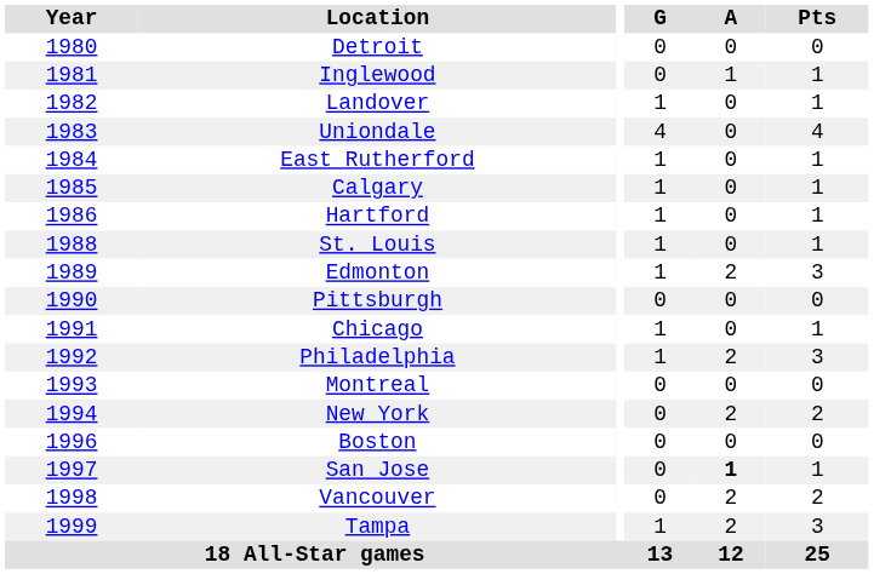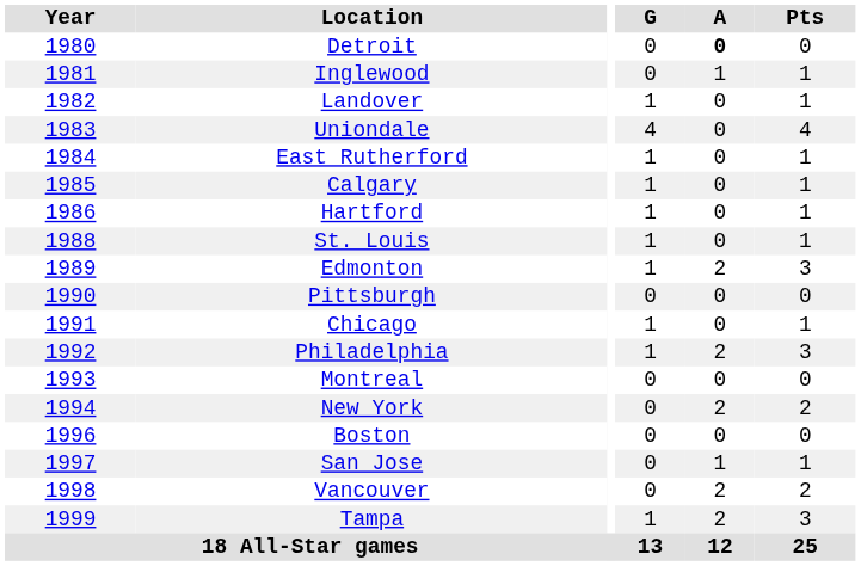 <table border="0" cellpadding="1" cellspacing="0" ID="Table3" style="text-align:center; width:40em">
 <tr bgcolor="#e0e0e0">
 <th>Year</th>
 <th>Location</th>
 <th rowspan="102" bgcolor="#ffffff"></th>
 <th>G</th>
 <th>A</th>
 <th>Pts</th>
 </tr>
 <tr>
 <td><a href='#'>1980</a></td>
 <td><a href='#'>Detroit</a></td>
 <td>0</td>
-<td>0</td>
+<td><strong>0</strong></td>
 <td>0</td>
 </tr>
 <tr bgcolor="#f0f0f0">
 <td><a href='#'>1981</a></td>
 <td><a href='#'>Inglewood</a></td>
 <td>0</td>
 <td>1</td>
 <td>1</td>
 </tr>
 <tr>
 <td><a href='#'>1982</a></td>
 <td><a href='#'>Landover</a></td>
 <td>1</td>
 <td>0</td>
 <td>1</td>
 </tr>
 <tr bgcolor="#f0f0f0">
 <td><a href='#'>1983</a></td>
 <td><a href='#'>Uniondale</a></td>
 <td>4</td>
 <td>0</td>
 <td>4</td>
 </tr>
 <tr>
 <td><a href='#'>1984</a></td>
 <td><a href='#'>East Rutherford</a></td>
 <td>1</td>
 <td>0</td>
 <td>1</td>
 </tr>
 <tr bgcolor="#f0f0f0">
 <td><a href='#'>1985</a></td>
 <td><a href='#'>Calgary</a></td>
 <td>1</td>
 <td>0</td>
 <td>1</td>
 </tr>
 <tr>
 <td><a href='#'>1986</a></td>
 <td><a href='#'>Hartford</a></td>
 <td>1</td>
 <td>0</td>
 <td>1</td>
 </tr>
 <tr bgcolor="#f0f0f0">
 <td><a href='#'>1988</a></td>
 <td><a href='#'>St. Louis</a></td>
 <td>1</td>
 <td>0</td>
 <td>1</td>
 </tr>
 <tr>
 <td><a href='#'>1989</a></td>
 <td><a href='#'>Edmonton</a></td>
 <td>1</td>
 <td>2</td>
 <td>3</td>
 </tr>
 <tr bgcolor="#f0f0f0">
 <td><a href='#'>1990</a></td>
 <td><a href='#'>Pittsburgh</a></td>
 <td>0</td>
 <td>0</td>
 <td>0</td>
 </tr>
 <tr>
 <td><a href='#'>1991</a></td>
 <td><a href='#'>Chicago</a></td>
 <td>1</td>
 <td>0</td>
 <td>1</td>
 </tr>
 <tr bgcolor="#f0f0f0">
 <td><a href='#'>1992</a></td>
 <td><a href='#'>Philadelphia</a></td>
 <td>1</td>
 <td>2</td>
 <td>3</td>
 </tr>
 <tr>
 <td><a href='#'>1993</a></td>
 <td><a href='#'>Montreal</a></td>
 <td>0</td>
 <td>0</td>
 <td>0</td>
 </tr>
 <tr bgcolor="#f0f0f0">
 <td><a href='#'>1994</a></td>
 <td><a href='#'>New York</a></td>
 <td>0</td>
 <td>2</td>
 <td>2</td>
 </tr>
 <tr>
 <td><a href='#'>1996</a></td>
 <td><a href='#'>Boston</a></td>
 <td>0</td>
 <td>0</td>
 <td>0</td>
 </tr>
 <tr bgcolor="#f0f0f0">
 <td><a href='#'>1997</a></td>
 <td><a href='#'>San Jose</a></td>
 <td>0</td>
-<td><strong>1</strong></td>
+<td>1</td>
 <td>1</td>
 </tr>
 <tr>
 <td><a href='#'>1998</a></td>
 <td><a href='#'>Vancouver</a></td>
 <td>0</td>
 <td>2</td>
 <td>2</td>
 </tr>
 <tr bgcolor="#f0f0f0">
 <td><a href='#'>1999</a></td>
 <td><a href='#'>Tampa</a></td>
 <td>1</td>
 <td>2</td>
 <td>3</td>
 </tr>
 <tr bgcolor="#e0e0e0">
 <th colspan=3>18 All-Star games</th>
 <th>13</th>
 <th>12</th>
 <th>25</th>
 </tr>
 </table>
